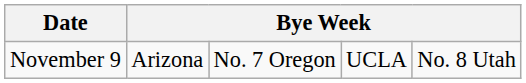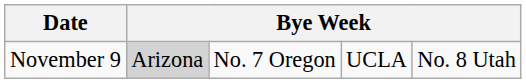 <table class="wikitable" style="font-size:95%;">
 <tr>
 <th>Date</th>
 <th colspan="4">Bye Week</th>
 </tr>
 <tr>
 <td>November 9</td>
-<td>Arizona</td>
+<td style="background: lightgrey;">Arizona</td>
 <td>No. 7 Oregon</td>
 <td>UCLA</td>
 <td>No. 8 Utah</td>
 </tr>
 </table>
